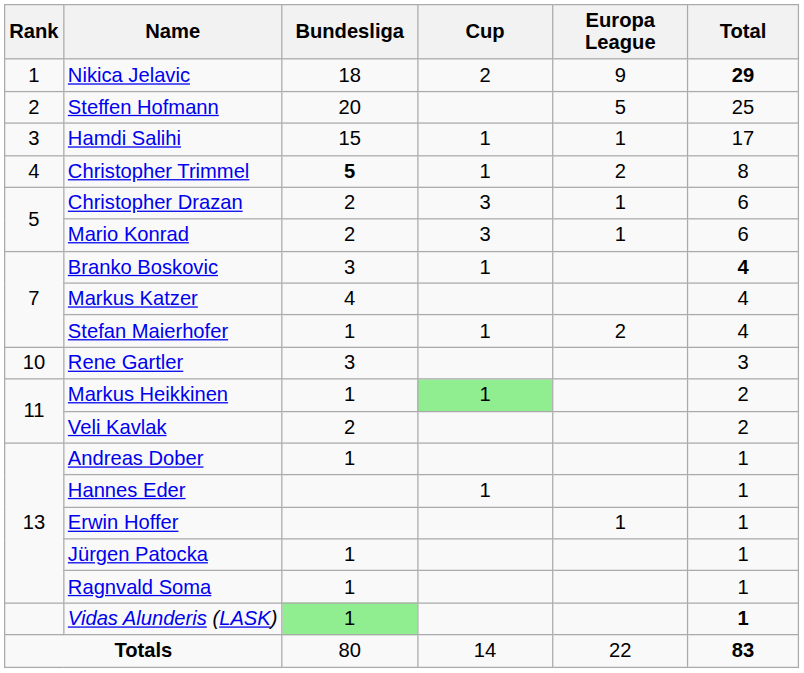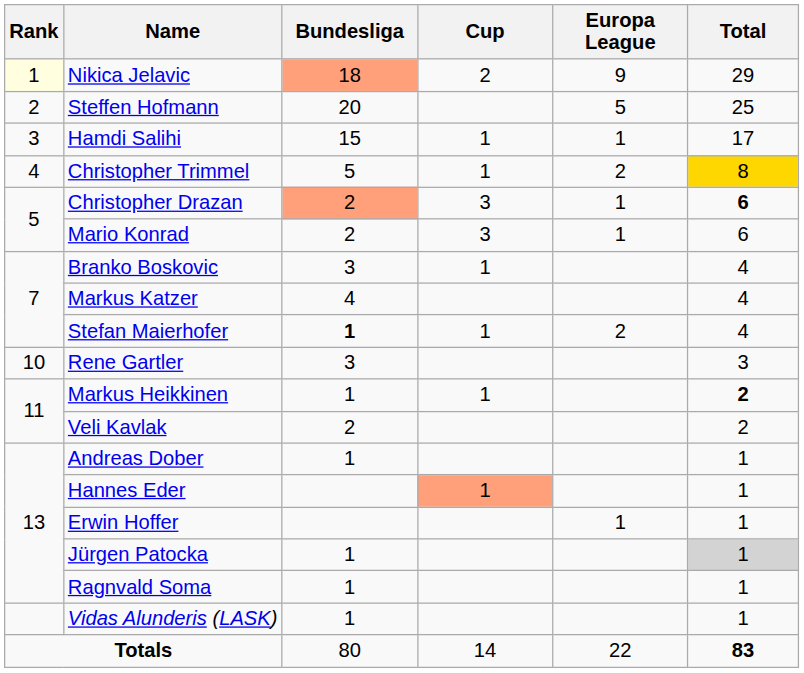 <table class="wikitable" style="text-align: center;">
 <tr>
 <th>Rank</th>
 <th>Name</th>
 <th width=100>Bundesliga</th>
 <th width=100>Cup</th>
 <th width=100>Europa League</th>
 <th width=80><strong>Total</strong></th>
 </tr>
 <tr>
-<td>1</td>
+<td style="background: lightyellow;">1</td>
 <td align="left"> <a href='#'>Nikica Jelavic</a></td>
-<td>18</td>
+<td style="background: lightsalmon;">18</td>
 <td>2</td>
 <td>9</td>
-<td><strong>29</strong></td>
+<td>29</td>
 </tr>
 <tr>
 <td>2</td>
 <td align="left"> <a href='#'>Steffen Hofmann</a></td>
 <td>20</td>
 <td></td>
 <td>5</td>
 <td>25</td>
 </tr>
 <tr>
 <td>3</td>
 <td align="left"> <a href='#'>Hamdi Salihi</a></td>
 <td>15</td>
 <td>1</td>
 <td>1</td>
 <td>17</td>
 </tr>
 <tr>
 <td>4</td>
 <td align="left"> <a href='#'>Christopher Trimmel</a></td>
-<td><strong>5</strong></td>
+<td>5</td>
 <td>1</td>
 <td>2</td>
-<td>8</td>
+<td style="background: gold;">8</td>
 </tr>
 <tr>
 <td rowspan="2">5</td>
 <td align="left"> <a href='#'>Christopher Drazan</a></td>
-<td>2</td>
+<td style="background: lightsalmon;">2</td>
 <td>3</td>
 <td>1</td>
-<td>6</td>
+<td><strong>6</strong></td>
 </tr>
 <tr>
 <td align="left"> <a href='#'>Mario Konrad</a></td>
 <td>2</td>
 <td>3</td>
 <td>1</td>
 <td>6</td>
 </tr>
 <tr>
 <td rowspan="3">7</td>
 <td align="left"> <a href='#'>Branko Boskovic</a></td>
 <td>3</td>
 <td>1</td>
 <td></td>
-<td><strong>4</strong></td>
+<td>4</td>
 </tr>
 <tr>
 <td align="left"> <a href='#'>Markus Katzer</a></td>
 <td>4</td>
 <td></td>
 <td></td>
 <td>4</td>
 </tr>
 <tr>
 <td align="left"> <a href='#'>Stefan Maierhofer</a></td>
-<td>1</td>
+<td><strong>1</strong></td>
 <td>1</td>
 <td>2</td>
 <td>4</td>
 </tr>
 <tr>
 <td>10</td>
 <td align="left"> <a href='#'>Rene Gartler</a></td>
 <td>3</td>
 <td></td>
 <td></td>
 <td>3</td>
 </tr>
 <tr>
 <td rowspan="2">11</td>
 <td align="left"> <a href='#'>Markus Heikkinen</a></td>
 <td>1</td>
-<td style="background: lightgreen;">1</td>
+<td>1</td>
 <td></td>
-<td>2</td>
+<td><strong>2</strong></td>
 </tr>
 <tr>
 <td align="left"> <a href='#'>Veli Kavlak</a></td>
 <td>2</td>
 <td></td>
 <td></td>
 <td>2</td>
 </tr>
 <tr>
 <td rowspan="5">13</td>
 <td align="left"> <a href='#'>Andreas Dober</a></td>
 <td>1</td>
 <td></td>
 <td></td>
 <td>1</td>
 </tr>
 <tr>
 <td align="left"> <a href='#'>Hannes Eder</a></td>
 <td></td>
-<td>1</td>
+<td style="background: lightsalmon;">1</td>
 <td></td>
 <td>1</td>
 </tr>
 <tr>
 <td align="left"> <a href='#'>Erwin Hoffer</a></td>
 <td></td>
 <td></td>
 <td>1</td>
 <td>1</td>
 </tr>
 <tr>
 <td align="left"> <a href='#'>Jürgen Patocka</a></td>
 <td>1</td>
 <td></td>
 <td></td>
-<td>1</td>
+<td style="background: lightgrey;">1</td>
 </tr>
 <tr>
 <td align="left"> <a href='#'>Ragnvald Soma</a></td>
 <td>1</td>
 <td></td>
 <td></td>
 <td>1</td>
 </tr>
 <tr>
 <td rowspan="1"></td>
 <td align="left"> <em><a href='#'>Vidas Alunderis</a> (<a href='#'>LASK</a>)</em></td>
-<td style="background: lightgreen;">1</td>
+<td>1</td>
 <td></td>
 <td></td>
-<td><strong>1</strong></td>
+<td>1</td>
 </tr>
 <tr>
 <td colspan="2"><strong>Totals</strong></td>
 <td>80</td>
 <td>14</td>
 <td>22</td>
 <td><strong>83</strong></td>
 </tr>
 </table>
